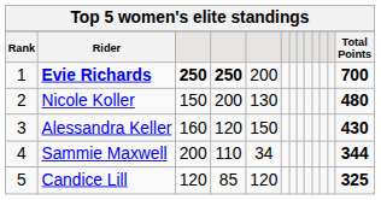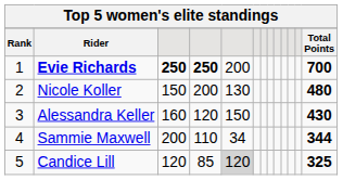 <table class="wikitable sortable">
 <tr>
 <th colspan=28 align="center"><strong>Top 5 women's elite standings</strong></th>
 </tr>
 <tr>
 </tr>
 <tr style="font-size:8pt;font-weight:bold">
 <th align="center">Rank</th>
 <th align="center">Rider</th>
 <th class=unsortable style="background:#E5E4E2;"><small></small></th>
 <th class=unsortable style="background:#E5E4E2;"><small></small></th>
 <th class=unsortable style="background:#E5E4E2;"><small></small></th>
 <th class=unsortable style="background:#E5E4E2;"><small></small></th>
 <th class=unsortable style="background:#E5E4E2;"><small></small></th>
 <th class=unsortable style="background:#E5E4E2;"><small></small></th>
 <th class=unsortable style="background:#E5E4E2;"><small></small></th>
 <th class=unsortable style="background:#E5E4E2;"><small></small></th>
 <th class=unsortable style="background:#E5E4E2;"><small></small></th>
 <th class=unsortable style="background:#E5E4E2;"><small></small></th>
 <th align="center">Total<br>Points</th>
 </tr>
 <tr>
 <td align=center>1</td>
 <td> <strong><a href='#'>Evie Richards</a></strong></td>
 <td align=center><strong>250</strong></td>
 <td align=center><strong>250</strong></td>
 <td align=center>200</td>
 <td align=center></td>
 <td align=center></td>
 <td align=center></td>
 <td align=center></td>
 <td align=center></td>
 <td align=center></td>
 <td align=center></td>
 <td align=center><strong>700</strong></td>
 </tr>
 <tr>
 <td align=center>2</td>
 <td> <a href='#'>Nicole Koller</a></td>
 <td align=center>150</td>
 <td align=center>200</td>
 <td align=center>130</td>
 <td align=center></td>
 <td align=center></td>
 <td align=center></td>
 <td align=center></td>
 <td align=center></td>
 <td align=center></td>
 <td align=center></td>
 <td align=center><strong>480</strong></td>
 </tr>
 <tr>
 <td align=center>3</td>
 <td> <a href='#'>Alessandra Keller</a></td>
 <td align=center>160</td>
 <td align=center>120</td>
 <td align=center>150</td>
 <td align=center></td>
 <td align=center></td>
 <td align=center></td>
 <td align=center></td>
 <td align=center></td>
 <td align=center></td>
 <td align=center></td>
 <td align=center><strong>430</strong></td>
 </tr>
 <tr>
 <td align=center>4</td>
 <td> <a href='#'>Sammie Maxwell</a></td>
 <td align=center>200</td>
 <td align=center>110</td>
 <td align=center>34</td>
 <td align=center></td>
 <td align=center></td>
 <td align=center></td>
 <td align=center></td>
 <td align=center></td>
 <td align=center></td>
 <td align=center></td>
 <td align=center><strong>344</strong></td>
 </tr>
 <tr>
 <td align=center>5</td>
 <td> <a href='#'>Candice Lill</a></td>
 <td align=center>120</td>
 <td align=center>85</td>
-<td align=center>120</td>
+<td align=center style="background: lightgrey;">120</td>
 <td align=center></td>
 <td align=center></td>
 <td align=center></td>
 <td align=center></td>
 <td align=center></td>
 <td align=center></td>
 <td align=center></td>
 <td align=center><strong>325</strong><br></td>
 </tr>
 </table>
